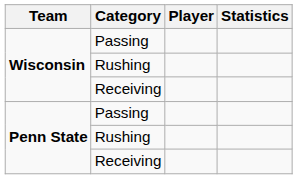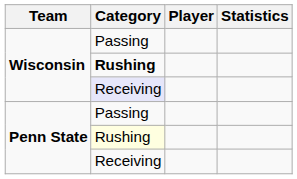 <table class="wikitable" style="float: right;">
 <tr>
 <th>Team</th>
 <th>Category</th>
 <th>Player</th>
 <th>Statistics</th>
 </tr>
 <tr>
 <td rowspan=3><strong>Wisconsin</strong></td>
 <td>Passing</td>
 <td></td>
 <td></td>
 </tr>
 <tr>
-<td>Rushing</td>
+<td><strong>Rushing</strong></td>
 <td></td>
 <td></td>
 </tr>
 <tr>
-<td>Receiving</td>
+<td style="background: lavender;">Receiving</td>
 <td></td>
 <td></td>
 </tr>
 <tr>
 <td rowspan=3><strong>Penn State</strong></td>
 <td>Passing</td>
 <td></td>
 <td></td>
 </tr>
 <tr>
-<td>Rushing</td>
+<td style="background: lightyellow;">Rushing</td>
 <td></td>
 <td></td>
 </tr>
 <tr>
 <td>Receiving</td>
 <td></td>
 <td></td>
 </tr>
 </table>
